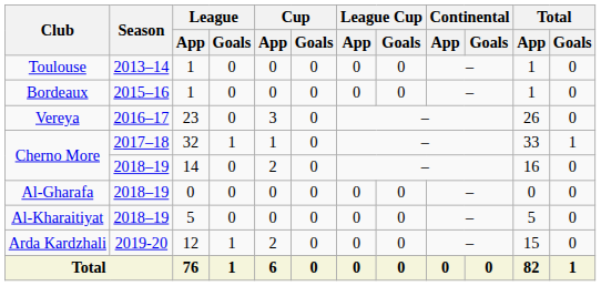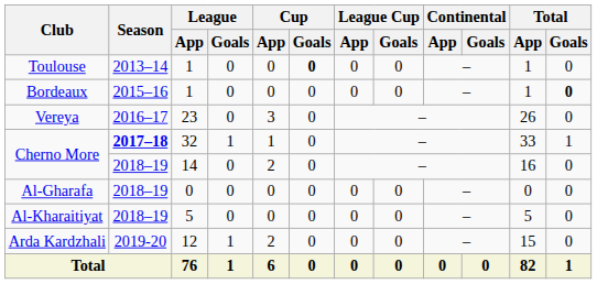 <table class="wikitable" style="text-align: center;">
 <tr>
 <th rowspan="2">Club</th>
 <th rowspan="2">Season</th>
 <th colspan="2">League</th>
 <th colspan="2">Cup</th>
 <th colspan="2">League Cup</th>
 <th colspan="2">Continental</th>
 <th colspan="2">Total</th>
 </tr>
 <tr>
 <th>App</th>
 <th>Goals</th>
 <th>App</th>
 <th>Goals</th>
 <th>App</th>
 <th>Goals</th>
 <th>App</th>
 <th>Goals</th>
 <th>App</th>
 <th>Goals</th>
 </tr>
 <tr>
 <td><a href='#'>Toulouse</a></td>
 <td><a href='#'>2013–14</a></td>
 <td>1</td>
 <td>0</td>
 <td>0</td>
-<td>0</td>
+<td><strong>0</strong></td>
 <td>0</td>
 <td>0</td>
 <td colspan=2>–</td>
 <td>1</td>
 <td>0</td>
 </tr>
 <tr>
 <td><a href='#'>Bordeaux</a></td>
 <td><a href='#'>2015–16</a></td>
 <td>1</td>
 <td>0</td>
 <td>0</td>
 <td>0</td>
 <td>0</td>
 <td>0</td>
 <td colspan=2>–</td>
 <td>1</td>
-<td>0</td>
+<td><strong>0</strong></td>
 </tr>
 <tr>
 <td><a href='#'>Vereya</a></td>
 <td><a href='#'>2016–17</a></td>
 <td>23</td>
 <td>0</td>
 <td>3</td>
 <td>0</td>
 <td colspan=4>–</td>
 <td>26</td>
 <td>0</td>
 </tr>
 <tr>
 <td rowspan=2><a href='#'>Cherno More</a></td>
-<td><a href='#'>2017–18</a></td>
+<td><strong><a href='#'>2017–18</a></strong></td>
 <td>32</td>
 <td>1</td>
 <td>1</td>
 <td>0</td>
 <td colspan=4>–</td>
 <td>33</td>
 <td>1</td>
 </tr>
 <tr>
 <td><a href='#'>2018–19</a></td>
 <td>14</td>
 <td>0</td>
 <td>2</td>
 <td>0</td>
 <td colspan=4>–</td>
 <td>16</td>
 <td>0</td>
 </tr>
 <tr>
 <td><a href='#'>Al-Gharafa</a></td>
 <td><a href='#'>2018–19</a></td>
 <td>0</td>
 <td>0</td>
 <td>0</td>
 <td>0</td>
 <td>0</td>
 <td>0</td>
 <td colspan=2>–</td>
 <td>0</td>
 <td>0</td>
 </tr>
 <tr>
 <td><a href='#'>Al-Kharaitiyat</a></td>
 <td><a href='#'>2018–19</a></td>
 <td>5</td>
 <td>0</td>
 <td>0</td>
 <td>0</td>
 <td>0</td>
 <td>0</td>
 <td colspan=2>–</td>
 <td>5</td>
 <td>0</td>
 </tr>
 <tr>
 <td><a href='#'>Arda Kardzhali</a></td>
 <td><a href='#'>2019-20</a></td>
 <td>12</td>
 <td>1</td>
 <td>2</td>
 <td>0</td>
 <td>0</td>
 <td>0</td>
 <td colspan=2>–</td>
 <td>15</td>
 <td>0</td>
 </tr>
 <tr>
 <th colspan=2 !  style="text-align:center; background:beige;">Total</th>
 <th style="text-align:center; background:beige;">76</th>
 <th style="text-align:center; background:beige;">1</th>
 <th style="text-align:center; background:beige;">6</th>
 <th style="text-align:center; background:beige;">0</th>
 <th style="text-align:center; background:beige;">0</th>
 <th style="text-align:center; background:beige;">0</th>
 <th style="text-align:center; background:beige;">0</th>
 <th style="text-align:center; background:beige;">0</th>
 <th style="text-align:center; background:beige;">82</th>
 <th style="text-align:center; background:beige;">1</th>
 </tr>
 </table>
